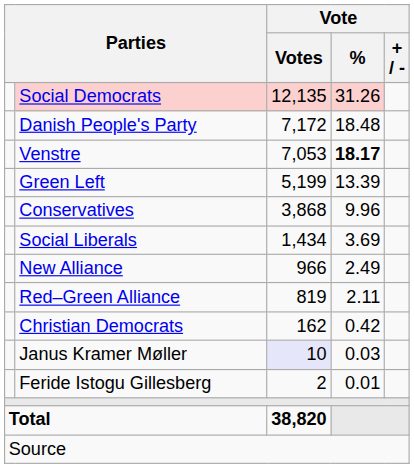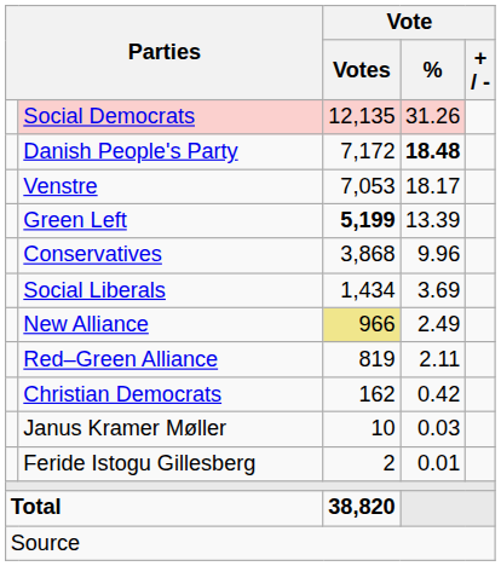 <table class="wikitable" style="text-align:right;">
 <tr>
 <th style="text-align:centre;" rowspan="2" colspan="2" width="225">Parties</th>
 <th colspan="3">Vote</th>
 </tr>
 <tr>
 <th width="15">Votes</th>
 <th width="15">%</th>
 <th width="15">+ / -</th>
 </tr>
 <tr>
 <td width="2" style="color:inherit;background:"></td>
 <td bgcolor=#fbd0ce  align="left"><a href='#'>Social Democrats</a></td>
 <td bgcolor=#fbd0ce>12,135</td>
 <td bgcolor=#fbd0ce>31.26</td>
 <td></td>
 </tr>
 <tr>
 <td width="2" style="color:inherit;background:"></td>
 <td align="left"><a href='#'>Danish People's Party</a></td>
 <td>7,172</td>
-<td>18.48</td>
+<td><strong>18.48</strong></td>
 <td></td>
 </tr>
 <tr>
 <td width="2" style="color:inherit;background:"></td>
 <td align="left"><a href='#'>Venstre</a></td>
 <td>7,053</td>
-<td><strong>18.17</strong></td>
+<td>18.17</td>
 <td></td>
 </tr>
 <tr>
 <td width="2" style="color:inherit;background:"></td>
 <td align="left"><a href='#'>Green Left</a></td>
-<td>5,199</td>
+<td><strong>5,199</strong></td>
 <td>13.39</td>
 <td></td>
 </tr>
 <tr>
 <td width="2" style="color:inherit;background:"></td>
 <td align="left"><a href='#'>Conservatives</a></td>
 <td>3,868</td>
 <td>9.96</td>
 <td></td>
 </tr>
 <tr>
 <td width="2" style="color:inherit;background:"></td>
 <td align="left"><a href='#'>Social Liberals</a></td>
 <td>1,434</td>
 <td>3.69</td>
 <td></td>
 </tr>
 <tr>
 <td width="2" style="color:inherit;background:"></td>
 <td align="left"><a href='#'>New Alliance</a></td>
-<td>966</td>
+<td style="background: khaki;">966</td>
 <td>2.49</td>
 <td></td>
 </tr>
 <tr>
 <td width="2" style="color:inherit;background:"></td>
 <td align="left"><a href='#'>Red–Green Alliance</a></td>
 <td>819</td>
 <td>2.11</td>
 <td></td>
 </tr>
 <tr>
 <td width="2" style="color:inherit;background:"></td>
 <td align="left"><a href='#'>Christian Democrats</a></td>
 <td>162</td>
 <td>0.42</td>
 <td></td>
 </tr>
 <tr>
 <td width="2" style="color:inherit;background:"></td>
 <td align="left">Janus Kramer Møller</td>
-<td style="background: lavender;">10</td>
+<td>10</td>
 <td>0.03</td>
 <td></td>
 </tr>
 <tr>
 <td width="2" style="color:inherit;background:"></td>
 <td align="left">Feride Istogu Gillesberg</td>
 <td>2</td>
 <td>0.01</td>
 <td></td>
 </tr>
 <tr>
 <td colspan="7" bgcolor="#E9E9E9"></td>
 </tr>
 <tr>
 <td align="left" colspan="2"><strong>Total</strong></td>
 <td><strong>38,820</strong></td>
 <td bgcolor="#E9E9E9" colspan="2"></td>
 </tr>
 <tr>
 <td align="left" colspan="6">Source</td>
 </tr>
 </table>
